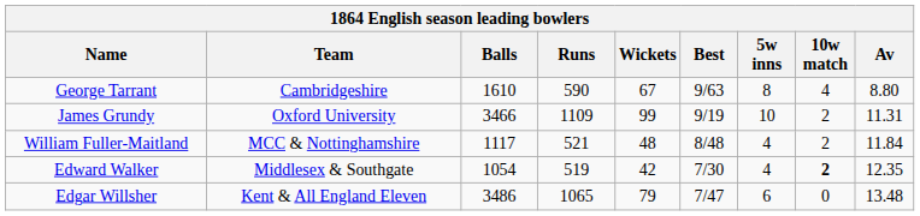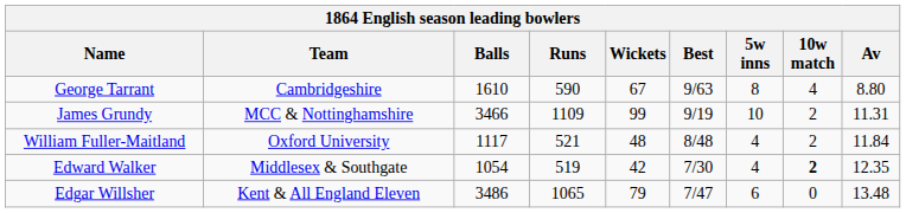 <table class="wikitable" style="text-align:center;">
 <tr>
 <th bgcolor="#efefef" colspan="9">1864 English season leading bowlers</th>
 </tr>
 <tr bgcolor="#efefef">
 <th width=200>Name</th>
 <th width=250>Team</th>
 <th width=70>Balls</th>
 <th width=70>Runs</th>
 <th width=50>Wickets</th>
 <th width=50>Best</th>
 <th width=50>5w inns</th>
 <th width=50>10w match</th>
 <th width=50>Av</th>
 </tr>
 <tr>
 <td><a href='#'>George Tarrant</a></td>
 <td><a href='#'>Cambridgeshire</a></td>
 <td>1610</td>
 <td>590</td>
 <td>67</td>
 <td>9/63</td>
 <td>8</td>
 <td>4</td>
 <td>8.80</td>
 </tr>
 <tr>
 <td><a href='#'>James Grundy</a></td>
-<td><a href='#'>Oxford University</a></td>
+<td><a href='#'>MCC</a> & <a href='#'>Nottinghamshire</a></td>
 <td>3466</td>
 <td>1109</td>
 <td>99</td>
 <td>9/19</td>
 <td>10</td>
 <td>2</td>
 <td>11.31</td>
 </tr>
 <tr>
 <td><a href='#'>William Fuller-Maitland</a></td>
-<td><a href='#'>MCC</a> & <a href='#'>Nottinghamshire</a></td>
+<td><a href='#'>Oxford University</a></td>
 <td>1117</td>
 <td>521</td>
 <td>48</td>
 <td>8/48</td>
 <td>4</td>
 <td>2</td>
 <td>11.84</td>
 </tr>
 <tr>
 <td><a href='#'>Edward Walker</a></td>
 <td><a href='#'>Middlesex</a> & Southgate</td>
 <td>1054</td>
 <td>519</td>
 <td>42</td>
 <td>7/30</td>
 <td>4</td>
 <td><strong>2</strong></td>
 <td>12.35</td>
 </tr>
 <tr>
 <td><a href='#'>Edgar Willsher</a></td>
 <td><a href='#'>Kent</a> & <a href='#'>All England Eleven</a></td>
 <td>3486</td>
 <td>1065</td>
 <td>79</td>
 <td>7/47</td>
 <td>6</td>
 <td>0</td>
 <td>13.48</td>
 </tr>
 </table>
